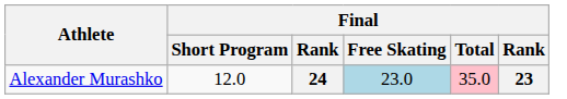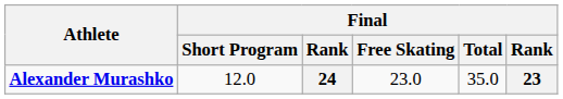 <table class="wikitable" style="font-size:90%">
 <tr>
 <th rowspan="2">Athlete</th>
 <th colspan="9">Final</th>
 </tr>
 <tr>
 <th>Short Program</th>
 <th>Rank</th>
 <th>Free Skating</th>
 <th>Total</th>
 <th>Rank</th>
 </tr>
 <tr>
-<td><a href='#'>Alexander Murashko</a></td>
+<td><strong><a href='#'>Alexander Murashko</a></strong></td>
 <td align="center">12.0</td>
 <th align="center">24</th>
-<td align="center" style="background: lightblue;">23.0</td>
-<td align="center" style="background: pink;">35.0</td>
+<td align="center">23.0</td>
+<td align="center">35.0</td>
 <th align="center">23</th>
 </tr>
 </table>
